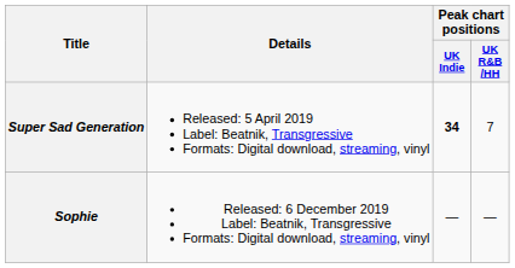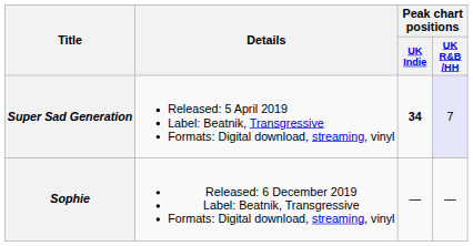 <table class="wikitable plainrowheaders" id="epstable" style="text-align:center;">
 <tr>
 <th rowspan="2">Title</th>
 <th rowspan="2">Details</th>
 <th colspan="10" scope="col">Peak chart positions</th>
 </tr>
 <tr>
 <th scope="col" style="width:3em;font-size:85%;"><a href='#'>UK<br>Indie</a><br></th>
 <th scope="col" style="width:3em;font-size:85%;"><a href='#'>UK<br>R&B<br>/HH</a><br></th>
 </tr>
 <tr>
 <th scope="row"><em>Super Sad Generation</em></th>
 <td style="text-align:left;"><br><ul><li>Released: 5 April 2019</li><li>Label: Beatnik, <a href='#'>Transgressive</a></li><li>Formats: Digital download, <a href='#'>streaming</a>, vinyl</li></ul></td>
 <td><strong>34</strong></td>
-<td>7</td>
+<td style="background: lavender;">7</td>
 </tr>
 <tr>
 <th scope="row"><em>Sophie</em></th>
 <td><br><ul><li>Released: 6 December 2019</li><li>Label: Beatnik, Transgressive</li><li>Formats: Digital download, <a href='#'>streaming</a>, vinyl</li></ul></td>
 <td>—</td>
 <td>—</td>
 </tr>
 </table>
